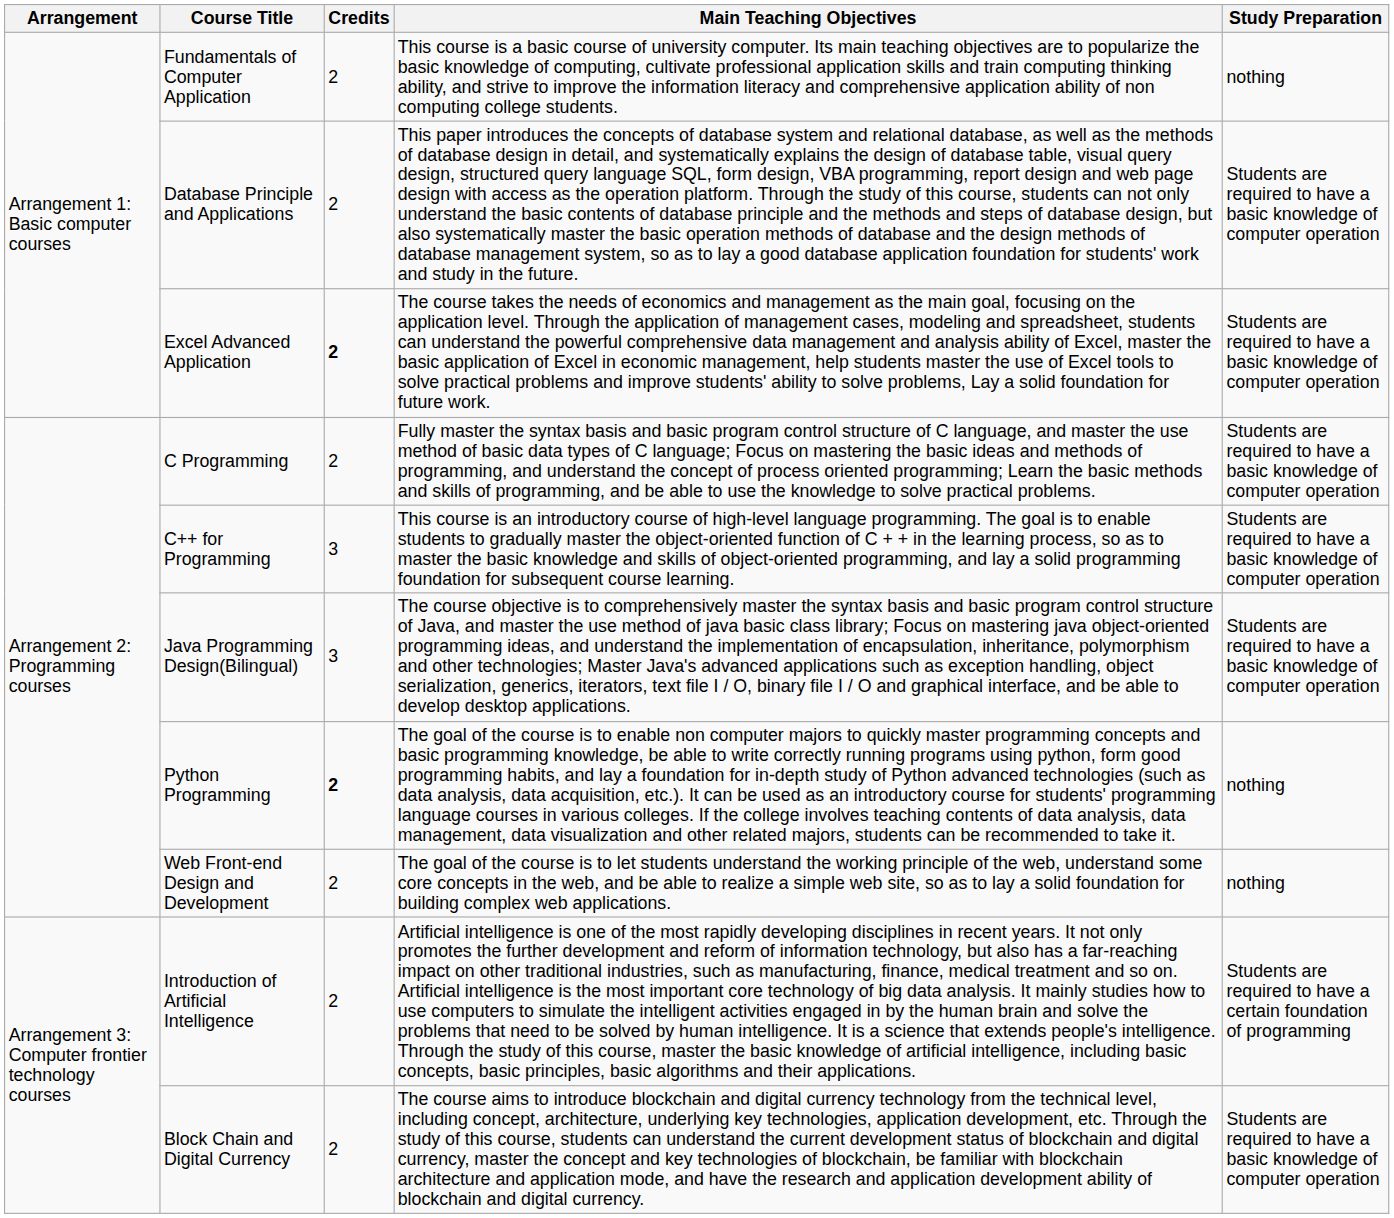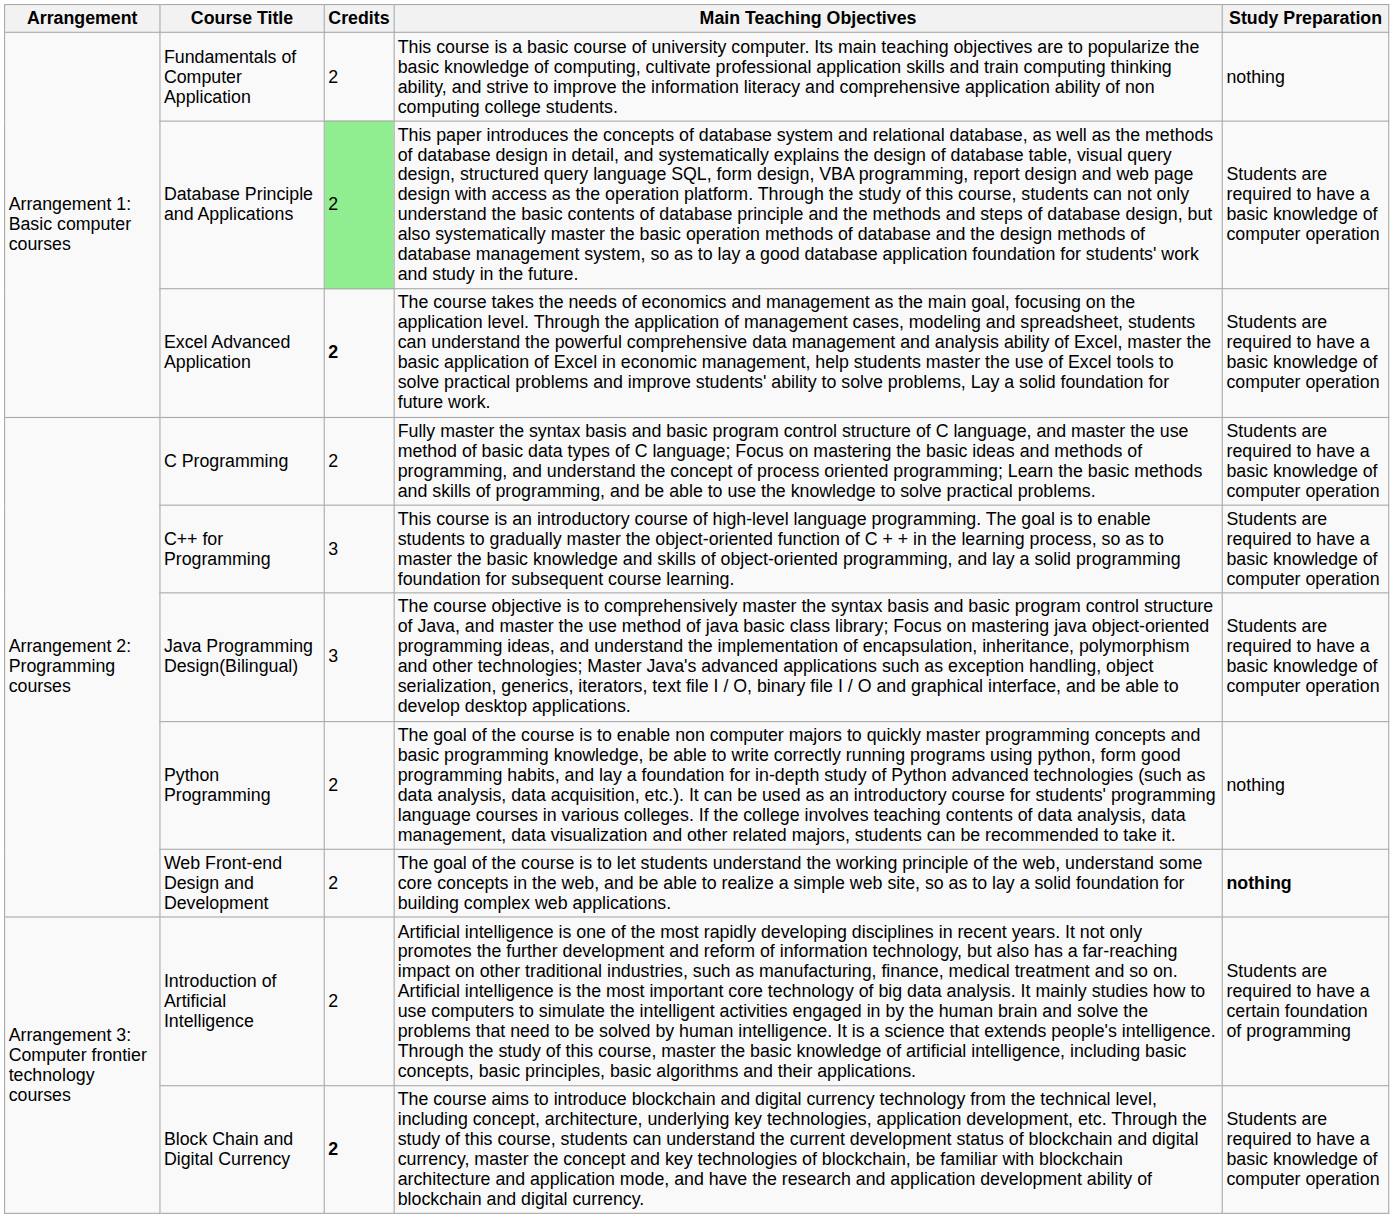 <table class="wikitable">
 <tr>
 <th>Arrangement</th>
 <th>Course Title</th>
 <th>Credits</th>
 <th>Main Teaching Objectives</th>
 <th>Study Preparation</th>
 </tr>
 <tr>
 <td rowspan=3>Arrangement 1: Basic computer courses</td>
 <td>Fundamentals of Computer Application</td>
 <td>2</td>
 <td>This course is a basic course of university computer. Its main teaching objectives are to popularize the basic knowledge of computing, cultivate professional application skills and train computing thinking ability, and strive to improve the information literacy and comprehensive application ability of non computing college students.</td>
 <td>nothing</td>
 </tr>
 <tr>
 <td>Database Principle and Applications</td>
-<td>2</td>
+<td style="background: lightgreen;">2</td>
 <td>This paper introduces the concepts of database system and relational database, as well as the methods of database design in detail, and systematically explains the design of database table, visual query design, structured query language SQL, form design, VBA programming, report design and web page design with access as the operation platform. Through the study of this course, students can not only understand the basic contents of database principle and the methods and steps of database design, but also systematically master the basic operation methods of database and the design methods of database management system, so as to lay a good database application foundation for students' work and study in the future.</td>
 <td>Students are required to have a basic knowledge of computer operation</td>
 </tr>
 <tr>
 <td>Excel Advanced Application</td>
 <td><strong>2</strong></td>
 <td>The course takes the needs of economics and management as the main goal, focusing on the application level. Through the application of management cases, modeling and spreadsheet, students can understand the powerful comprehensive data management and analysis ability of Excel, master the basic application of Excel in economic management, help students master the use of Excel tools to solve practical problems and improve students' ability to solve problems, Lay a solid foundation for future work.</td>
 <td>Students are required to have a basic knowledge of computer operation</td>
 </tr>
 <tr>
 <td rowspan=5>Arrangement 2: Programming courses</td>
 <td>C Programming</td>
 <td>2</td>
 <td>Fully master the syntax basis and basic program control structure of C language, and master the use method of basic data types of C language; Focus on mastering the basic ideas and methods of programming, and understand the concept of process oriented programming; Learn the basic methods and skills of programming, and be able to use the knowledge to solve practical problems.</td>
 <td>Students are required to have a basic knowledge of computer operation</td>
 </tr>
 <tr>
 <td>C++ for Programming</td>
 <td>3</td>
 <td>This course is an introductory course of high-level language programming. The goal is to enable students to gradually master the object-oriented function of C + + in the learning process, so as to master the basic knowledge and skills of object-oriented programming, and lay a solid programming foundation for subsequent course learning.</td>
 <td>Students are required to have a basic knowledge of computer operation</td>
 </tr>
 <tr>
 <td>Java Programming Design(Bilingual)</td>
 <td>3</td>
 <td>The course objective is to comprehensively master the syntax basis and basic program control structure of Java, and master the use method of java basic class library; Focus on mastering java object-oriented programming ideas, and understand the implementation of encapsulation, inheritance, polymorphism and other technologies; Master Java's advanced applications such as exception handling, object serialization, generics, iterators, text file I / O, binary file I / O and graphical interface, and be able to develop desktop applications.</td>
 <td>Students are required to have a basic knowledge of computer operation</td>
 </tr>
 <tr>
 <td>Python Programming</td>
-<td><strong>2</strong></td>
+<td>2</td>
 <td>The goal of the course is to enable non computer majors to quickly master programming concepts and basic programming knowledge, be able to write correctly running programs using python, form good programming habits, and lay a foundation for in-depth study of Python advanced technologies (such as data analysis, data acquisition, etc.). It can be used as an introductory course for students' programming language courses in various colleges. If the college involves teaching contents of data analysis, data management, data visualization and other related majors, students can be recommended to take it.</td>
 <td>nothing</td>
 </tr>
 <tr>
 <td>Web Front-end Design and Development</td>
 <td>2</td>
 <td>The goal of the course is to let students understand the working principle of the web, understand some core concepts in the web, and be able to realize a simple web site, so as to lay a solid foundation for building complex web applications.</td>
-<td>nothing</td>
+<td><strong>nothing</strong></td>
 </tr>
 <tr>
 <td rowspan=2>Arrangement 3: Computer frontier technology courses</td>
 <td>Introduction of Artificial Intelligence</td>
 <td>2</td>
 <td>Artificial intelligence is one of the most rapidly developing disciplines in recent years. It not only promotes the further development and reform of information technology, but also has a far-reaching impact on other traditional industries, such as manufacturing, finance, medical treatment and so on. Artificial intelligence is the most important core technology of big data analysis. It mainly studies how to use computers to simulate the intelligent activities engaged in by the human brain and solve the problems that need to be solved by human intelligence. It is a science that extends people's intelligence. Through the study of this course, master the basic knowledge of artificial intelligence, including basic concepts, basic principles, basic algorithms and their applications.</td>
 <td>Students are required to have a certain foundation of programming</td>
 </tr>
 <tr>
 <td>Block Chain and Digital Currency</td>
-<td>2</td>
+<td><strong>2</strong></td>
 <td>The course aims to introduce blockchain and digital currency technology from the technical level, including concept, architecture, underlying key technologies, application development, etc. Through the study of this course, students can understand the current development status of blockchain and digital currency, master the concept and key technologies of blockchain, be familiar with blockchain architecture and application mode, and have the research and application development ability of blockchain and digital currency.</td>
 <td>Students are required to have a basic knowledge of computer operation</td>
 </tr>
 </table>
